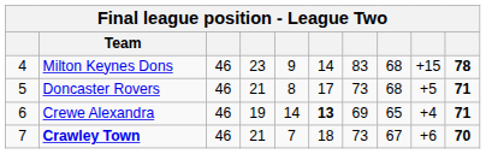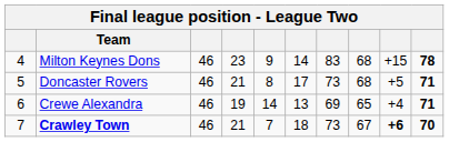 <table class="wikitable" style="text-align:center">
 <tr>
 <th colspan="10"><big>Final league position - League Two</big></th>
 </tr>
 <tr>
 <th width="30"></th>
 <th width="175">Team</th>
 <th width="30"></th>
 <th width="30"></th>
 <th width="30"></th>
 <th width="30"></th>
 <th width="30"></th>
 <th width="30"></th>
 <th width="30"></th>
 <th width="30"></th>
 </tr>
 <tr>
 <td>4</td>
 <td align="left"><a href='#'>Milton Keynes Dons</a></td>
 <td>46</td>
 <td>23</td>
 <td>9</td>
 <td>14</td>
 <td>83</td>
 <td>68</td>
 <td>+15</td>
 <td><strong>78</strong></td>
 </tr>
 <tr>
 <td>5</td>
 <td align="left"><a href='#'>Doncaster Rovers</a></td>
 <td>46</td>
 <td>21</td>
 <td>8</td>
 <td>17</td>
 <td>73</td>
 <td>68</td>
 <td>+5</td>
 <td><strong>71</strong></td>
 </tr>
 <tr>
 <td>6</td>
 <td align="left"><a href='#'>Crewe Alexandra</a></td>
 <td>46</td>
 <td>19</td>
 <td>14</td>
-<td><strong>13</strong></td>
+<td>13</td>
 <td>69</td>
 <td>65</td>
 <td>+4</td>
 <td><strong>71</strong></td>
 </tr>
 <tr>
 <td>7</td>
 <td align="left"><strong><a href='#'>Crawley Town</a></strong></td>
 <td>46</td>
 <td>21</td>
 <td>7</td>
 <td>18</td>
 <td>73</td>
 <td>67</td>
-<td>+6</td>
+<td><strong>+6</strong></td>
 <td><strong>70</strong></td>
 </tr>
 </table>
